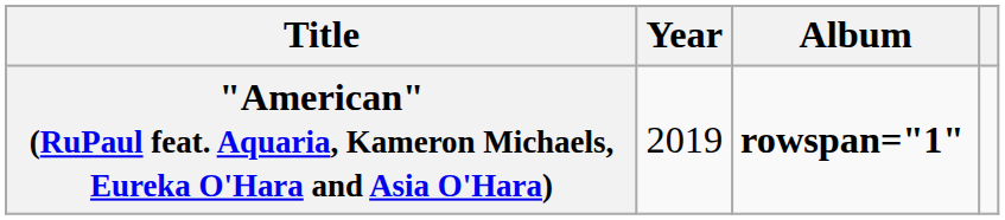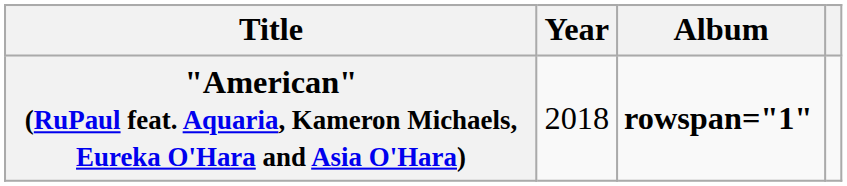 <table class="wikitable plainrowheaders" style="text-align:left;">
 <tr>
 <th scope="col"  style="width:16em;">Title</th>
 <th scope="col"  style="width:2em;">Year</th>
 <th scope="col"  style="width:6em;">Album</th>
 <th rowspan="1"  style="text-align: center;"></th>
 </tr>
 <tr>
 <th scope="row">"American"<br><small>(<a href='#'>RuPaul</a> feat. <a href='#'>Aquaria</a>, Kameron Michaels, <a href='#'>Eureka O'Hara</a> and <a href='#'>Asia O'Hara</a>)</small></th>
-<td rowspan="1">2019</td>
+<td rowspan="1">2018</td>
 <td><strong>rowspan="1" </strong></td>
 <td style="text-align: center;"></td>
 </tr>
 </table>
